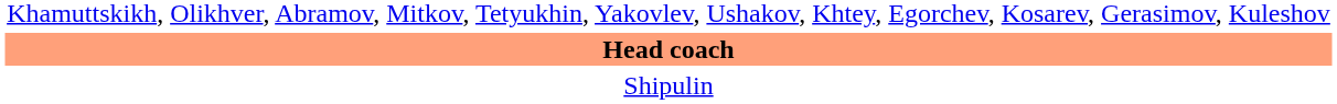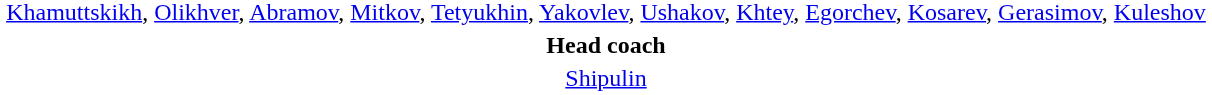 <table style="text-align: center; margin-top: 2em; margin-left: auto; margin-right: auto">
 <tr>
 <td><a href='#'>Khamuttskikh</a>, <a href='#'>Olikhver</a>, <a href='#'>Abramov</a>, <a href='#'>Mitkov</a>, <a href='#'>Tetyukhin</a>, <a href='#'>Yakovlev</a>, <a href='#'>Ushakov</a>, <a href='#'>Khtey</a>, <a href='#'>Egorchev</a>, <a href='#'>Kosarev</a>, <a href='#'>Gerasimov</a>, <a href='#'>Kuleshov</a></td>
 </tr>
 <tr>
-<td style="background: lightsalmon;"><strong>Head coach</strong></td>
+<td><strong>Head coach</strong></td>
 </tr>
 <tr>
 <td><a href='#'>Shipulin</a></td>
 </tr>
 </table>
